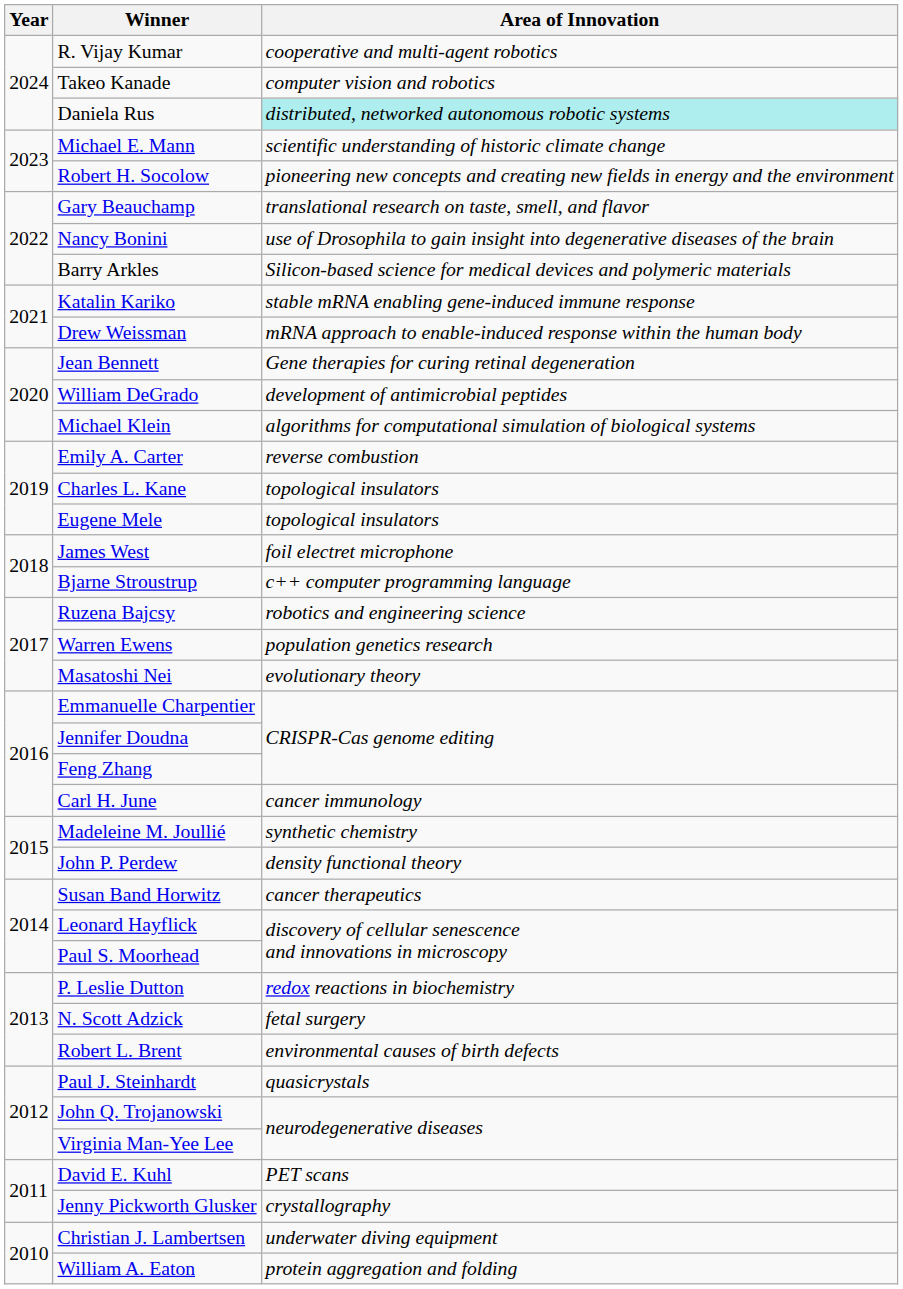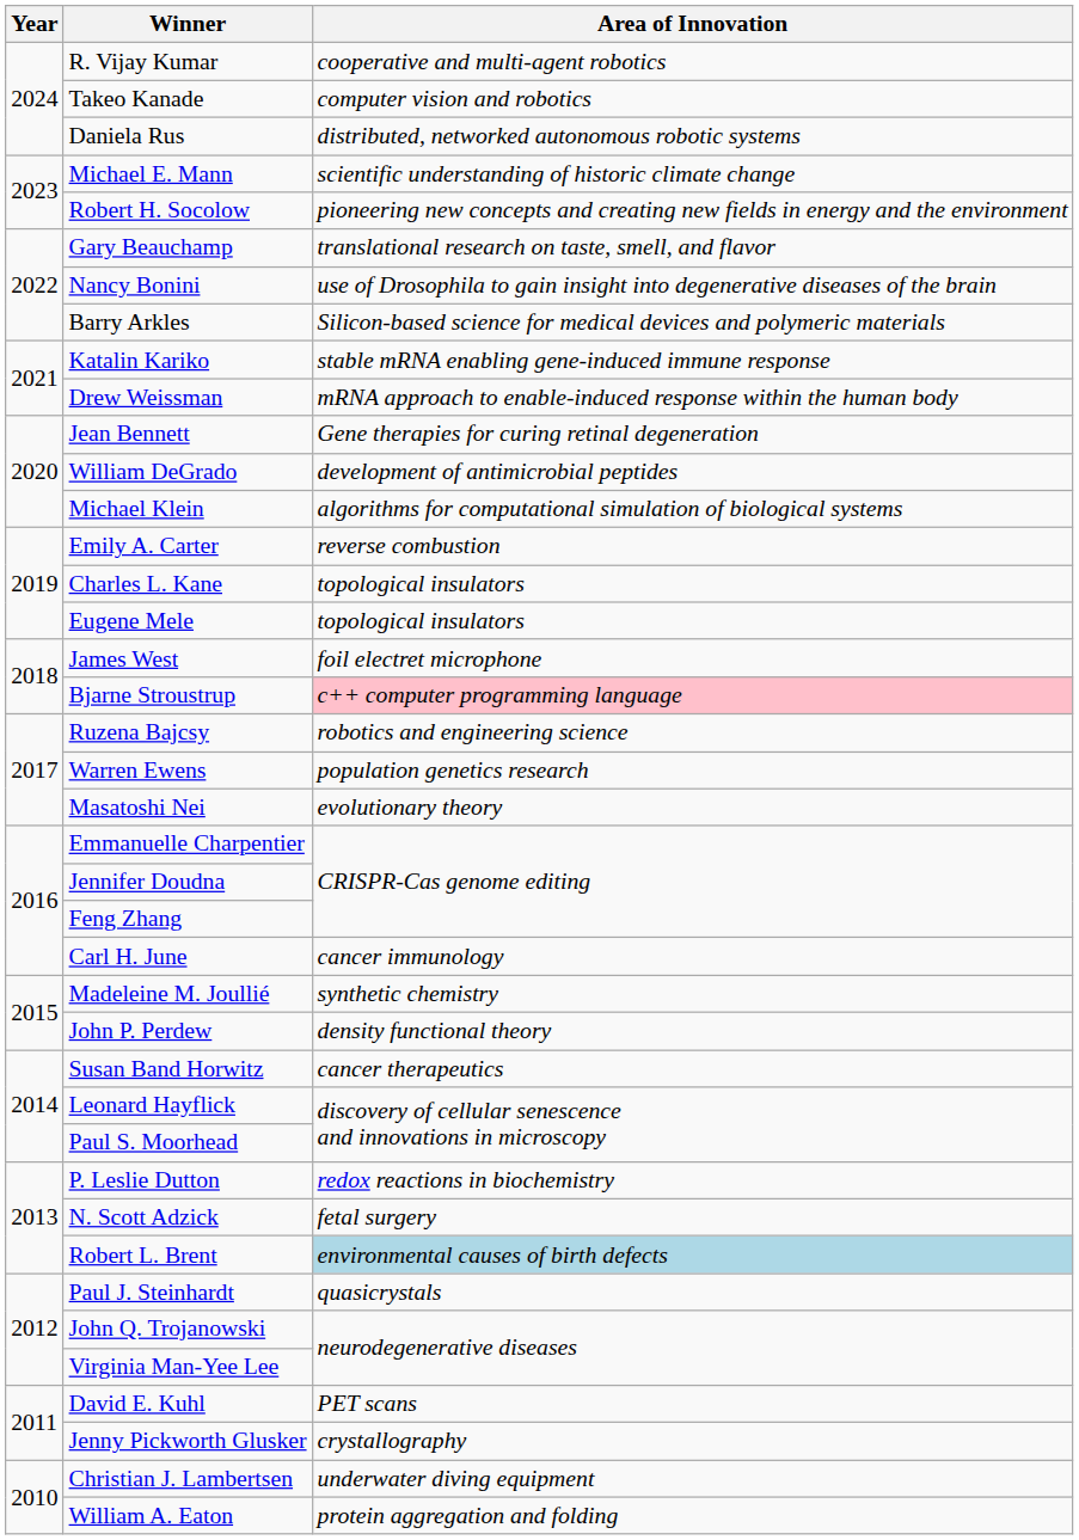 <table class="wikitable">
 <tr>
 <th>Year</th>
 <th>Winner</th>
 <th>Area of Innovation</th>
 </tr>
 <tr>
 <td rowspan="3">2024</td>
 <td>R. Vijay Kumar</td>
 <td><em>cooperative and multi-agent robotics</em></td>
 </tr>
 <tr>
 <td>Takeo Kanade</td>
 <td><em>computer vision and robotics</em></td>
 </tr>
 <tr>
 <td>Daniela Rus</td>
-<td style="background: paleturquoise;"><em>distributed, networked autonomous robotic systems</em></td>
+<td><em>distributed, networked autonomous robotic systems</em></td>
 </tr>
 <tr>
 <td rowspan="2">2023</td>
 <td><a href='#'>Michael E. Mann</a></td>
 <td><em>scientific understanding of historic climate change</em></td>
 </tr>
 <tr>
 <td><a href='#'>Robert H. Socolow</a></td>
 <td><em>pioneering new concepts and creating new fields in energy and the environment</em></td>
 </tr>
 <tr>
 <td rowspan="3">2022 </td>
 <td><a href='#'>Gary Beauchamp</a></td>
 <td><em>translational research on taste, smell, and flavor</em></td>
 </tr>
 <tr>
 <td><a href='#'>Nancy Bonini</a></td>
 <td><em>use of Drosophila to gain insight into degenerative diseases of the brain</em></td>
 </tr>
 <tr>
 <td>Barry Arkles</td>
 <td><em>Silicon-based science for medical devices and polymeric materials</em></td>
 </tr>
 <tr>
 <td rowspan="2">2021 </td>
 <td><a href='#'>Katalin Kariko</a></td>
 <td><em>stable mRNA enabling gene-induced immune response</em></td>
 </tr>
 <tr>
 <td><a href='#'>Drew Weissman</a></td>
 <td><em>mRNA approach to enable-induced response within the human body</em></td>
 </tr>
 <tr>
 <td rowspan="3">2020 </td>
 <td><a href='#'>Jean Bennett</a></td>
 <td><em>Gene therapies for curing retinal degeneration</em></td>
 </tr>
 <tr>
 <td><a href='#'>William DeGrado</a></td>
 <td><em>development of antimicrobial peptides</em></td>
 </tr>
 <tr>
 <td><a href='#'>Michael Klein</a></td>
 <td><em>algorithms for computational simulation of biological systems</em></td>
 </tr>
 <tr>
 <td rowspan=3>2019</td>
 <td><a href='#'>Emily A. Carter</a></td>
 <td><em>reverse combustion</em></td>
 </tr>
 <tr>
 <td><a href='#'>Charles L. Kane</a></td>
 <td><em>topological insulators</em></td>
 </tr>
 <tr>
 <td><a href='#'>Eugene Mele</a></td>
 <td><em>topological insulators</em></td>
 </tr>
 <tr>
 <td rowspan=2>2018</td>
 <td><a href='#'>James West</a></td>
 <td><em>foil electret microphone</em></td>
 </tr>
 <tr>
 <td><a href='#'>Bjarne Stroustrup</a></td>
-<td><em>c++ computer programming language</em></td>
+<td style="background: pink;"><em>c++ computer programming language</em></td>
 </tr>
 <tr>
 <td rowspan=3>2017</td>
 <td><a href='#'>Ruzena Bajcsy</a></td>
 <td><em>robotics and engineering science</em></td>
 </tr>
 <tr>
 <td><a href='#'>Warren Ewens</a></td>
 <td><em>population genetics research</em></td>
 </tr>
 <tr>
 <td><a href='#'>Masatoshi Nei</a></td>
 <td><em>evolutionary theory</em></td>
 </tr>
 <tr>
 <td rowspan=4>2016</td>
 <td><a href='#'>Emmanuelle Charpentier</a></td>
 <td rowspan=3><em>CRISPR-Cas genome editing</em></td>
 </tr>
 <tr>
 <td><a href='#'>Jennifer Doudna</a></td>
 </tr>
 <tr>
 <td><a href='#'>Feng Zhang</a></td>
 </tr>
 <tr>
 <td><a href='#'>Carl H. June</a></td>
 <td><em>cancer immunology</em></td>
 </tr>
 <tr>
 <td rowspan=2>2015</td>
 <td><a href='#'>Madeleine M. Joullié</a></td>
 <td><em>synthetic chemistry</em></td>
 </tr>
 <tr>
 <td><a href='#'>John P. Perdew</a></td>
 <td><em>density functional theory</em></td>
 </tr>
 <tr>
 <td rowspan=3>2014</td>
 <td><a href='#'>Susan Band Horwitz</a></td>
 <td><em>cancer therapeutics</em></td>
 </tr>
 <tr>
 <td><a href='#'>Leonard Hayflick</a></td>
 <td rowspan=2><em>discovery of cellular senescence</em><br><em>and innovations in microscopy</em></td>
 </tr>
 <tr>
 <td><a href='#'>Paul S. Moorhead</a></td>
 </tr>
 <tr>
 <td rowspan=3>2013</td>
 <td><a href='#'>P. Leslie Dutton</a></td>
 <td><em><a href='#'>redox</a> reactions in biochemistry</em></td>
 </tr>
 <tr>
 <td><a href='#'>N. Scott Adzick</a></td>
 <td><em>fetal surgery</em></td>
 </tr>
 <tr>
 <td><a href='#'>Robert L. Brent</a></td>
-<td><em>environmental causes of birth defects</em></td>
+<td style="background: lightblue;"><em>environmental causes of birth defects</em></td>
 </tr>
 <tr>
 <td rowspan=3>2012</td>
 <td><a href='#'>Paul J. Steinhardt</a></td>
 <td><em>quasicrystals</em></td>
 </tr>
 <tr>
 <td><a href='#'>John Q. Trojanowski</a></td>
 <td rowspan=2><em>neurodegenerative diseases</em></td>
 </tr>
 <tr>
 <td><a href='#'>Virginia Man-Yee Lee</a></td>
 </tr>
 <tr>
 <td rowspan=2>2011</td>
 <td><a href='#'>David E. Kuhl</a></td>
 <td><em>PET scans</em></td>
 </tr>
 <tr>
 <td><a href='#'>Jenny Pickworth Glusker</a></td>
 <td><em>crystallography</em></td>
 </tr>
 <tr>
 <td rowspan=2>2010</td>
 <td><a href='#'>Christian J. Lambertsen</a></td>
 <td><em>underwater diving equipment</em></td>
 </tr>
 <tr>
 <td><a href='#'>William A. Eaton</a></td>
 <td><em>protein aggregation and folding</em></td>
 </tr>
 </table>
